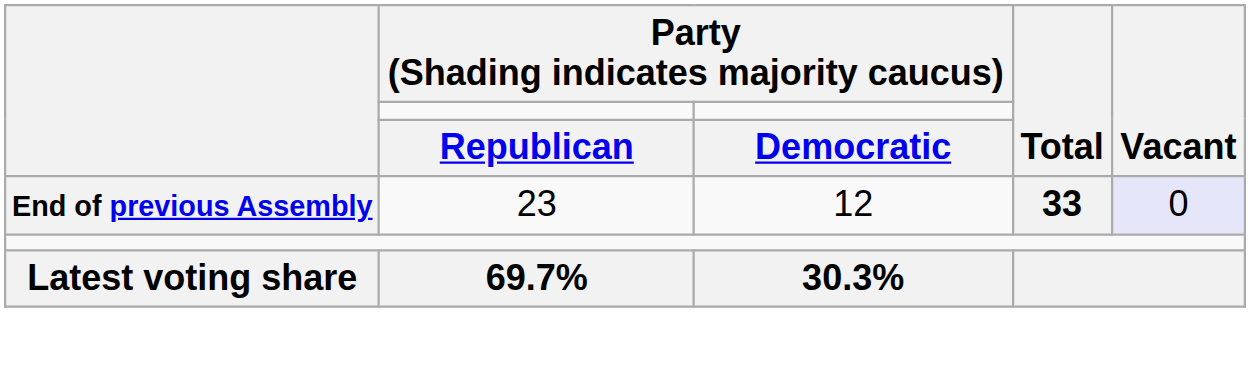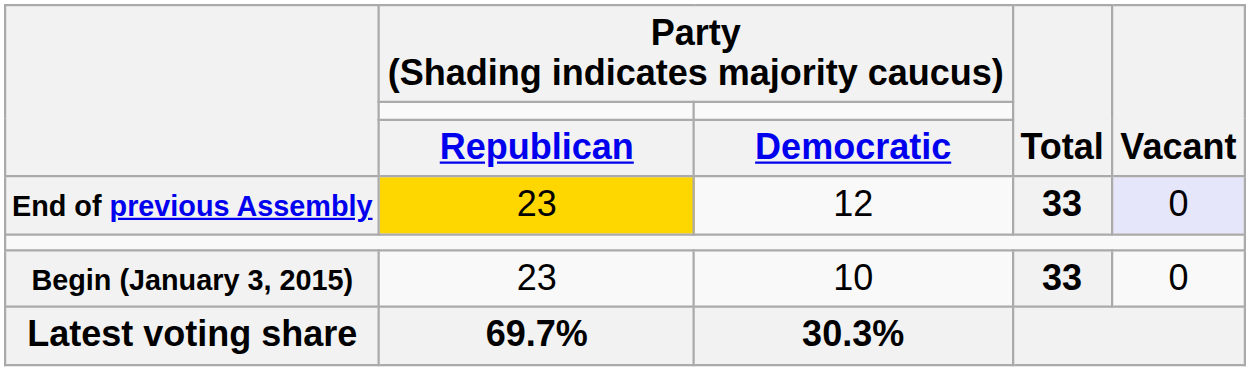 <table class=wikitable style="text-align:center">
 <tr style="vertical-align:bottom;">
 <th rowspan=3></th>
 <th colspan=2>Party <div>(Shading indicates majority caucus)</div></th>
 <th rowspan=3>Total</th>
 <th rowspan=3>Vacant</th>
 </tr>
 <tr style="height:5px">
 <td style="background-color:"></td>
 <td style="background-color:"></td>
 </tr>
 <tr>
 <th><a href='#'>Republican</a></th>
 <th><a href='#'>Democratic</a></th>
 </tr>
 <tr>
 <th nowrap style="font-size:80%">End of <a href='#'>previous Assembly</a></th>
-<td>23</td>
+<td style="background: gold;">23</td>
 <td>12</td>
 <th>33</th>
 <td style="background: lavender;">0</td>
 </tr>
 <tr>
 <td colspan=5></td>
 </tr>
 <tr>
+<th nowrap style="font-size:80%">Begin (January 3, 2015)</th>
+<td>23</td>
+<td>10</td>
+<th>33</th>
+<td>0</td>
+</tr>
+<tr>
 <th>Latest voting share</th>
 <th>69.7% </th>
 <th>30.3%</th>
 <th colspan=2></th>
 </tr>
 </table>
